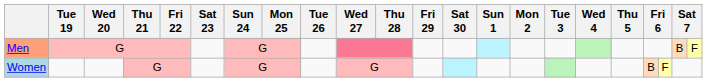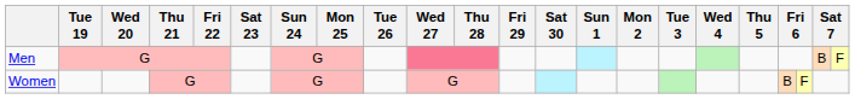 <table class="wikitable" style="margin:0.5em auto; font-size:90%; line-height:1.25em; text-align:center">
 <tr>
 <th></th>
 <th>Tue 19</th>
 <th>Wed 20</th>
 <th>Thu 21</th>
 <th>Fri 22</th>
 <th>Sat 23</th>
 <th>Sun 24</th>
 <th>Mon 25</th>
 <th>Tue 26</th>
 <th>Wed 27</th>
 <th>Thu 28</th>
 <th>Fri 29</th>
 <th>Sat 30</th>
 <th>Sun 1</th>
 <th>Mon 2</th>
 <th>Tue 3</th>
 <th>Wed 4</th>
 <th>Thu 5</th>
 <th colspan="2">Fri 6</th>
 <th colspan="2">Sat 7</th>
 </tr>
 <tr>
-<td align="left" style="background: lightsalmon;"><a href='#'>Men</a></td>
+<td align="left"><a href='#'>Men</a></td>
 <td colspan="4" bgcolor="#FFBBBB">G</td>
 <td></td>
 <td colspan="2" bgcolor="#FFBBBB">G</td>
 <td></td>
 <td colspan="2" bgcolor="#FA7894"></td>
 <td></td>
 <td></td>
 <td bgcolor="#BBF3FF"></td>
 <td></td>
 <td></td>
 <td bgcolor="#BBF3BB"></td>
 <td></td>
 <td colspan="2"></td>
 <td bgcolor="#FEDCBA">B</td>
 <td bgcolor="#FFFFB">F</td>
 </tr>
 <tr>
-<td align="left" style="background: lightblue;"><a href='#'>Women</a></td>
+<td align="left"><a href='#'>Women</a></td>
 <td></td>
 <td></td>
 <td colspan="2" bgcolor="#FFBBBB">G</td>
 <td></td>
 <td colspan="2" bgcolor="#FFBBBB">G</td>
 <td></td>
 <td colspan="2" bgcolor="#FFBBBB">G</td>
 <td></td>
 <td colspan="1" bgcolor="#BBF3FF"></td>
 <td></td>
 <td></td>
 <td bgcolor="#BBF3BB"></td>
 <td></td>
 <td></td>
 <td bgcolor="#FEDCBA">B</td>
 <td bgcolor="#FFFFB">F</td>
 <td colspan="2"></td>
 </tr>
 </table>
